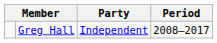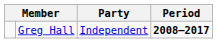 <table class="wikitable">
 <tr>
 <th colspan="2">Member</th>
 <th>Party</th>
 <th>Period</th>
 </tr>
 <tr>
 <td> </td>
 <td><a href='#'>Greg Hall</a></td>
 <td><a href='#'>Independent</a></td>
-<td>2008–2017</td>
+<td><strong>2008–2017</strong></td>
 </tr>
 </table>
